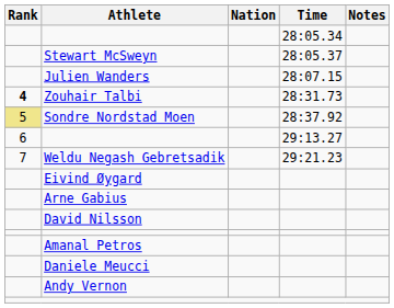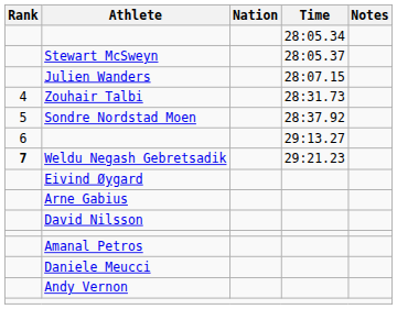 <table class="wikitable sortable" style="text-align:center;">
 <tr>
 <th scope="col" style="width: 10px;">Rank</th>
 <th scope="col">Athlete</th>
 <th scope="col">Nation</th>
 <th scope="col">Time</th>
 <th scope="col">Notes</th>
 </tr>
 <tr>
 <td></td>
 <td align=left></td>
 <td align=left></td>
 <td>28:05.34</td>
 <td></td>
 </tr>
 <tr>
 <td></td>
 <td align=left><a href='#'>Stewart McSweyn</a></td>
 <td align=left></td>
 <td>28:05.37</td>
 <td></td>
 </tr>
 <tr>
 <td></td>
 <td align=left><a href='#'>Julien Wanders</a></td>
 <td align=left></td>
 <td>28:07.15</td>
 <td></td>
 </tr>
 <tr>
-<td><strong>4</strong></td>
+<td>4</td>
 <td align=left><a href='#'>Zouhair Talbi</a></td>
 <td align=left></td>
 <td>28:31.73</td>
 <td></td>
 </tr>
 <tr>
-<td style="background: khaki;">5</td>
+<td>5</td>
 <td align=left><a href='#'>Sondre Nordstad Moen</a></td>
 <td align=left></td>
 <td>28:37.92</td>
 <td></td>
 </tr>
 <tr>
 <td>6</td>
 <td align=left></td>
 <td align=left></td>
 <td>29:13.27</td>
 <td></td>
 </tr>
 <tr>
-<td>7</td>
+<td><strong>7</strong></td>
 <td align=left><a href='#'>Weldu Negash Gebretsadik</a></td>
 <td align=left></td>
 <td>29:21.23</td>
 <td></td>
 </tr>
 <tr>
 <td></td>
 <td align="left"><a href='#'>Eivind Øygard</a></td>
 <td align="left"></td>
 <td></td>
 <td></td>
 </tr>
 <tr>
 <td></td>
 <td align="left"><a href='#'>Arne Gabius</a></td>
 <td align="left"></td>
 <td></td>
 <td></td>
 </tr>
 <tr>
 <td></td>
 <td align="left"><a href='#'>David Nilsson</a></td>
 <td align="left"></td>
 <td></td>
 <td></td>
 </tr>
 <tr>
 <td></td>
 <td align="left"></td>
 <td align="left"></td>
 <td></td>
 <td></td>
 </tr>
 <tr>
 <td></td>
 <td align="left"><a href='#'>Amanal Petros</a></td>
 <td align="left"></td>
 <td></td>
 <td></td>
 </tr>
 <tr>
 <td></td>
 <td align="left"><a href='#'>Daniele Meucci</a></td>
 <td align="left"></td>
 <td></td>
 <td></td>
 </tr>
 <tr>
 <td></td>
 <td align="left"><a href='#'>Andy Vernon</a></td>
 <td align="left"></td>
 <td></td>
 <td></td>
 </tr>
 <tr class="sortbottom">
 <td colspan="5"></td>
 </tr>
 </table>
